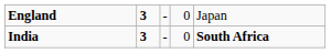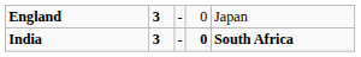 <table class="wikitable">
 <tr>
 <td width=150> <strong>England</strong></td>
 <td style="width:20px; text-align:left;"><strong>3</strong></td>
 <td>-</td>
 <td style="width:20px; text-align:right;">0</td>
 <td width=150> Japan</td>
 </tr>
 <tr>
 <td> <strong>India</strong></td>
 <td style="text-align:left;"><strong>3</strong></td>
 <td>-</td>
-<td style="text-align:right;">0</td>
+<td style="text-align:right;"><strong>0</strong></td>
 <td><strong> South Africa</strong></td>
 </tr>
 </table>
